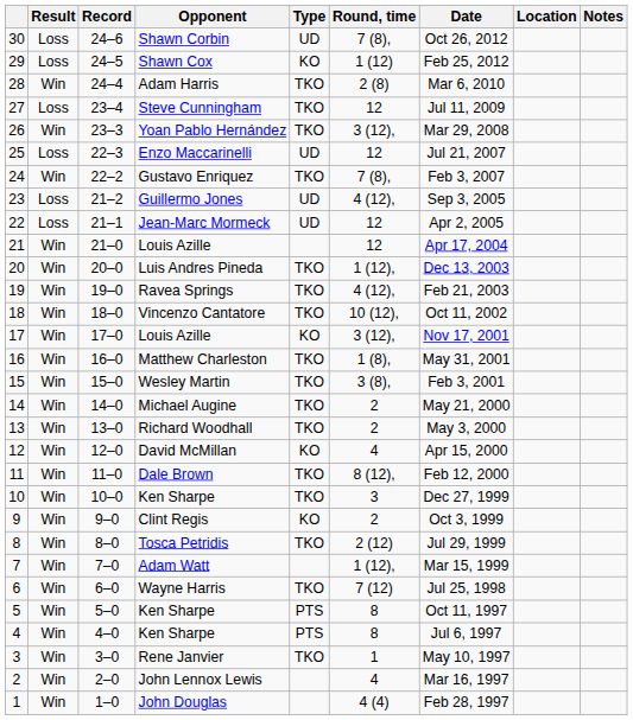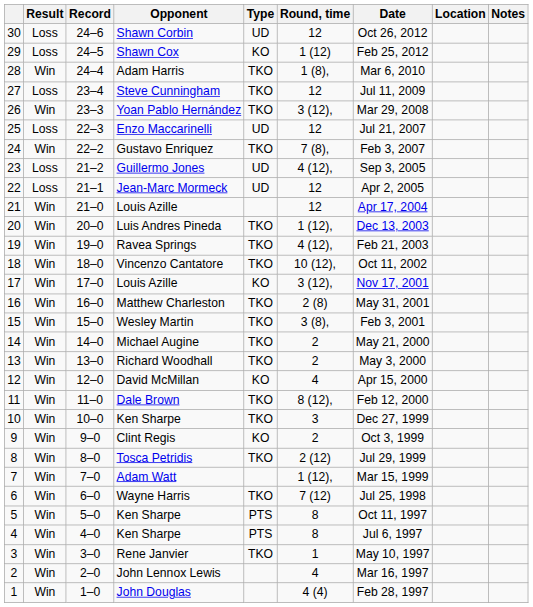 <table class="wikitable" style="text-align:center">
 <tr>
 <th></th>
 <th>Result</th>
 <th>Record</th>
 <th>Opponent</th>
 <th>Type</th>
 <th>Round, time</th>
 <th>Date</th>
 <th>Location</th>
 <th>Notes</th>
 </tr>
 <tr>
 <td>30</td>
 <td>Loss</td>
 <td>24–6</td>
 <td style="text-align:left;"><a href='#'>Shawn Corbin</a></td>
 <td>UD</td>
-<td>7 (8), </td>
+<td>12</td>
 <td>Oct 26, 2012</td>
 <td style="text-align:left;"></td>
 <td style="text-align:left;"></td>
 </tr>
 <tr>
 <td>29</td>
 <td>Loss</td>
 <td>24–5</td>
 <td style="text-align:left;"><a href='#'>Shawn Cox</a></td>
 <td>KO</td>
 <td>1 (12)</td>
 <td>Feb 25, 2012</td>
 <td style="text-align:left;"></td>
 <td style="text-align:left;"></td>
 </tr>
 <tr>
 <td>28</td>
 <td>Win</td>
 <td>24–4</td>
 <td style="text-align:left;">Adam Harris</td>
 <td>TKO</td>
-<td>2 (8)</td>
+<td>1 (8), </td>
 <td>Mar 6, 2010</td>
 <td style="text-align:left;"></td>
 <td></td>
 </tr>
 <tr>
 <td>27</td>
 <td>Loss</td>
 <td>23–4</td>
 <td style="text-align:left;"><a href='#'>Steve Cunningham</a></td>
 <td>TKO</td>
 <td>12</td>
 <td>Jul 11, 2009</td>
 <td style="text-align:left;"></td>
 <td></td>
 </tr>
 <tr>
 <td>26</td>
 <td>Win</td>
 <td>23–3</td>
 <td style="text-align:left;"><a href='#'>Yoan Pablo Hernández</a></td>
 <td>TKO</td>
 <td>3 (12), </td>
 <td>Mar 29, 2008</td>
 <td style="text-align:left;"></td>
 <td style="text-align:left;"></td>
 </tr>
 <tr>
 <td>25</td>
 <td>Loss</td>
 <td>22–3</td>
 <td style="text-align:left;"><a href='#'>Enzo Maccarinelli</a></td>
 <td>UD</td>
 <td>12</td>
 <td>Jul 21, 2007</td>
 <td style="text-align:left;"></td>
 <td style="text-align:left;"></td>
 </tr>
 <tr>
 <td>24</td>
 <td>Win</td>
 <td>22–2</td>
 <td style="text-align:left;">Gustavo Enriquez</td>
 <td>TKO</td>
 <td>7 (8), </td>
 <td>Feb 3, 2007</td>
 <td style="text-align:left;"></td>
 <td></td>
 </tr>
 <tr>
 <td>23</td>
 <td>Loss</td>
 <td>21–2</td>
 <td style="text-align:left;"><a href='#'>Guillermo Jones</a></td>
 <td>UD</td>
 <td>4 (12), </td>
 <td>Sep 3, 2005</td>
 <td style="text-align:left;"></td>
 <td style="text-align:left;"></td>
 </tr>
 <tr>
 <td>22</td>
 <td>Loss</td>
 <td>21–1</td>
 <td style="text-align:left;"><a href='#'>Jean-Marc Mormeck</a></td>
 <td>UD</td>
 <td>12</td>
 <td>Apr 2, 2005</td>
 <td style="text-align:left;"></td>
 <td style="text-align:left;"></td>
 </tr>
 <tr>
 <td>21</td>
 <td>Win</td>
 <td>21–0</td>
 <td style="text-align:left;">Louis Azille</td>
 <td></td>
 <td>12</td>
 <td><a href='#'>Apr 17, 2004</a></td>
 <td style="text-align:left;"></td>
 <td style="text-align:left;"></td>
 </tr>
 <tr>
 <td>20</td>
 <td>Win</td>
 <td>20–0</td>
 <td style="text-align:left;">Luis Andres Pineda</td>
 <td>TKO</td>
 <td>1 (12), </td>
 <td><a href='#'>Dec 13, 2003</a></td>
 <td style="text-align:left;"></td>
 <td style="text-align:left;"></td>
 </tr>
 <tr>
 <td>19</td>
 <td>Win</td>
 <td>19–0</td>
 <td style="text-align:left;">Ravea Springs</td>
 <td>TKO</td>
 <td>4 (12), </td>
 <td>Feb 21, 2003</td>
 <td style="text-align:left;"></td>
 <td style="text-align:left;"></td>
 </tr>
 <tr>
 <td>18</td>
 <td>Win</td>
 <td>18–0</td>
 <td style="text-align:left;">Vincenzo Cantatore</td>
 <td>TKO</td>
 <td>10 (12), </td>
 <td>Oct 11, 2002</td>
 <td style="text-align:left;"></td>
 <td style="text-align:left;"></td>
 </tr>
 <tr>
 <td>17</td>
 <td>Win</td>
 <td>17–0</td>
 <td style="text-align:left;">Louis Azille</td>
 <td>KO</td>
 <td>3 (12), </td>
 <td><a href='#'>Nov 17, 2001</a></td>
 <td style="text-align:left;"></td>
 <td></td>
 </tr>
 <tr>
 <td>16</td>
 <td>Win</td>
 <td>16–0</td>
 <td style="text-align:left;">Matthew Charleston</td>
 <td>TKO</td>
-<td>1 (8), </td>
+<td>2 (8)</td>
 <td>May 31, 2001</td>
 <td style="text-align:left;"></td>
 <td></td>
 </tr>
 <tr>
 <td>15</td>
 <td>Win</td>
 <td>15–0</td>
 <td style="text-align:left;">Wesley Martin</td>
 <td>TKO</td>
 <td>3 (8), </td>
 <td>Feb 3, 2001</td>
 <td style="text-align:left;"></td>
 <td></td>
 </tr>
 <tr>
 <td>14</td>
 <td>Win</td>
 <td>14–0</td>
 <td style="text-align:left;">Michael Augine</td>
 <td>TKO</td>
 <td>2</td>
 <td>May 21, 2000</td>
 <td style="text-align:left;"></td>
 <td></td>
 </tr>
 <tr>
 <td>13</td>
 <td>Win</td>
 <td>13–0</td>
 <td style="text-align:left;">Richard Woodhall</td>
 <td>TKO</td>
 <td>2</td>
 <td>May 3, 2000</td>
 <td style="text-align:left;"></td>
 <td></td>
 </tr>
 <tr>
 <td>12</td>
 <td>Win</td>
 <td>12–0</td>
 <td style="text-align:left;">David McMillan</td>
 <td>KO</td>
 <td>4</td>
 <td>Apr 15, 2000</td>
 <td style="text-align:left;"></td>
 <td></td>
 </tr>
 <tr>
 <td>11</td>
 <td>Win</td>
 <td>11–0</td>
 <td style="text-align:left;"><a href='#'>Dale Brown</a></td>
 <td>TKO</td>
 <td>8 (12), </td>
 <td>Feb 12, 2000</td>
 <td style="text-align:left;"></td>
 <td style="text-align:left;"></td>
 </tr>
 <tr>
 <td>10</td>
 <td>Win</td>
 <td>10–0</td>
 <td style="text-align:left;">Ken Sharpe</td>
 <td>TKO</td>
 <td>3</td>
 <td>Dec 27, 1999</td>
 <td style="text-align:left;"></td>
 <td></td>
 </tr>
 <tr>
 <td>9</td>
 <td>Win</td>
 <td>9–0</td>
 <td style="text-align:left;">Clint Regis</td>
 <td>KO</td>
 <td>2</td>
 <td>Oct 3, 1999</td>
 <td style="text-align:left;"></td>
 <td></td>
 </tr>
 <tr>
 <td>8</td>
 <td>Win</td>
 <td>8–0</td>
 <td style="text-align:left;"><a href='#'>Tosca Petridis</a></td>
 <td>TKO</td>
 <td>2 (12)</td>
 <td>Jul 29, 1999</td>
 <td style="text-align:left;"></td>
 <td style="text-align:left;"></td>
 </tr>
 <tr>
 <td>7</td>
 <td>Win</td>
 <td>7–0</td>
 <td style="text-align:left;"><a href='#'>Adam Watt</a></td>
 <td></td>
 <td>1 (12), </td>
 <td>Mar 15, 1999</td>
 <td style="text-align:left;"></td>
 <td style="text-align:left;"></td>
 </tr>
 <tr>
 <td>6</td>
 <td>Win</td>
 <td>6–0</td>
 <td style="text-align:left;">Wayne Harris</td>
 <td>TKO</td>
 <td>7 (12)</td>
 <td>Jul 25, 1998</td>
 <td style="text-align:left;"></td>
 <td style="text-align:left;"></td>
 </tr>
 <tr>
 <td>5</td>
 <td>Win</td>
 <td>5–0</td>
 <td style="text-align:left;">Ken Sharpe</td>
 <td>PTS</td>
 <td>8</td>
 <td>Oct 11, 1997</td>
 <td style="text-align:left;"></td>
 <td></td>
 </tr>
 <tr>
 <td>4</td>
 <td>Win</td>
 <td>4–0</td>
 <td style="text-align:left;">Ken Sharpe</td>
 <td>PTS</td>
 <td>8</td>
 <td>Jul 6, 1997</td>
 <td style="text-align:left;"></td>
 <td></td>
 </tr>
 <tr>
 <td>3</td>
 <td>Win</td>
 <td>3–0</td>
 <td style="text-align:left;">Rene Janvier</td>
 <td>TKO</td>
 <td>1</td>
 <td>May 10, 1997</td>
 <td style="text-align:left;"></td>
 <td></td>
 </tr>
 <tr>
 <td>2</td>
 <td>Win</td>
 <td>2–0</td>
 <td style="text-align:left;">John Lennox Lewis</td>
 <td></td>
 <td>4</td>
 <td>Mar 16, 1997</td>
 <td style="text-align:left;"></td>
 <td></td>
 </tr>
 <tr>
 <td>1</td>
 <td>Win</td>
 <td>1–0</td>
 <td style="text-align:left;"><a href='#'>John Douglas</a></td>
 <td></td>
 <td>4 (4)</td>
 <td>Feb 28, 1997</td>
 <td style="text-align:left;"></td>
 <td></td>
 </tr>
 </table>
